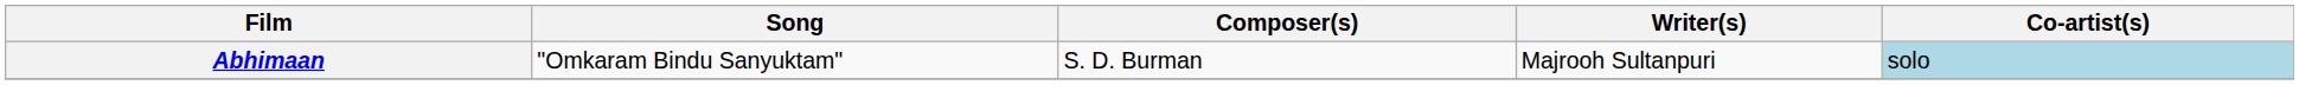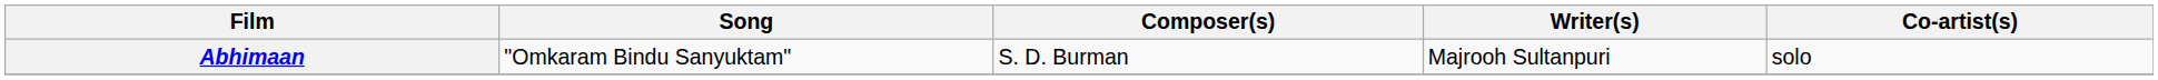 <table class="wikitable plainrowheaders" style="width:100%; textcolor:#000">
 <tr style="background:#b0e0e66;">
 <th scope="col" style="width:23%;"><strong>Film</strong></th>
 <th scope="col" style="width:23%;"><strong>Song</strong></th>
 <th scope="col" style="width:20%;"><strong>Composer(s)</strong></th>
 <th scope="col" style="width:16%;"><strong>Writer(s)</strong></th>
 <th scope="col" style="width:18%;"><strong>Co-artist(s)</strong></th>
 </tr>
 <tr>
 <th><em><a href='#'>Abhimaan</a></em></th>
 <td>"Omkaram Bindu Sanyuktam"</td>
 <td>S. D. Burman</td>
 <td>Majrooh Sultanpuri</td>
-<td style="background: lightblue;">solo</td>
+<td>solo</td>
 </tr>
 <tr>
 </tr>
 </table>
